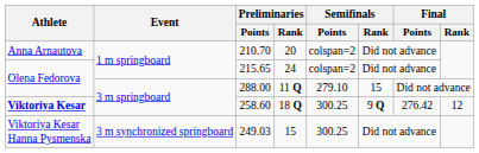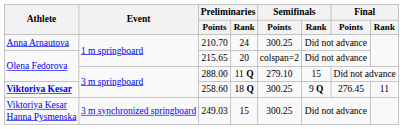 <table class="wikitable" style="text-align:center; font-size:90%">
 <tr>
 <th rowspan=2>Athlete</th>
 <th rowspan=2>Event</th>
 <th colspan=2>Preliminaries</th>
 <th colspan=2>Semifinals</th>
 <th colspan=2>Final</th>
 </tr>
 <tr style="font-size:95%">
 <th>Points</th>
 <th>Rank</th>
 <th>Points</th>
 <th>Rank</th>
 <th>Points</th>
 <th>Rank</th>
 </tr>
 <tr>
 <td align=left><a href='#'>Anna Arnautova</a></td>
 <td align=left rowspan=2><a href='#'>1 m springboard</a></td>
 <td>210.70</td>
-<td>20</td>
-<td>colspan=2 </td>
+<td>24</td>
+<td>300.25</td>
 <td colspan=2>Did not advance</td>
 </tr>
 <tr>
 <td align=left rowspan=2><a href='#'>Olena Fedorova</a></td>
 <td>215.65</td>
-<td>24</td>
+<td>20</td>
 <td>colspan=2 </td>
 <td colspan=2>Did not advance</td>
 </tr>
 <tr>
 <td align=left rowspan=2><a href='#'>3 m springboard</a></td>
 <td>288.00</td>
 <td>11 <strong>Q</strong></td>
 <td>279.10</td>
 <td>15</td>
 <td colspan=2>Did not advance</td>
 </tr>
 <tr>
 <td align=left><strong><a href='#'>Viktoriya Kesar</a></strong></td>
 <td>258.60</td>
 <td>18 <strong>Q</strong></td>
 <td>300.25</td>
 <td>9 <strong>Q</strong></td>
-<td>276.42</td>
-<td>12</td>
+<td>276.45</td>
+<td>11</td>
 </tr>
 <tr>
 <td align=left><a href='#'>Viktoriya Kesar</a><br><a href='#'>Hanna Pysmenska</a></td>
 <td align=left><a href='#'>3 m synchronized springboard</a></td>
 <td>249.03</td>
 <td>15</td>
 <td>300.25</td>
 <td colspan=2>Did not advance</td>
 </tr>
 </table>
